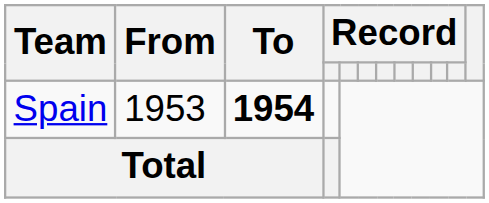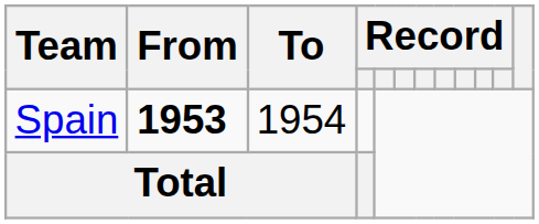 <table class=wikitable style="text-align: center;">
 <tr>
 <th rowspan=2>Team</th>
 <th rowspan=2>From</th>
 <th rowspan=2>To</th>
 <th colspan=8>Record</th>
 <th rowspan=2></th>
 </tr>
 <tr>
 <th></th>
 <th></th>
 <th></th>
 <th></th>
 <th></th>
 <th></th>
 <th></th>
 <th></th>
 </tr>
 <tr>
 <td align=left><a href='#'>Spain</a></td>
-<td align=left>1953</td>
-<td align=left><strong>1954<br></strong></td>
+<td align=left><strong>1953</strong></td>
+<td align=left>1954<br></td>
 <td></td>
 </tr>
 <tr>
 <th colspan=3>Total<br></th>
 <th></th>
 </tr>
 </table>
